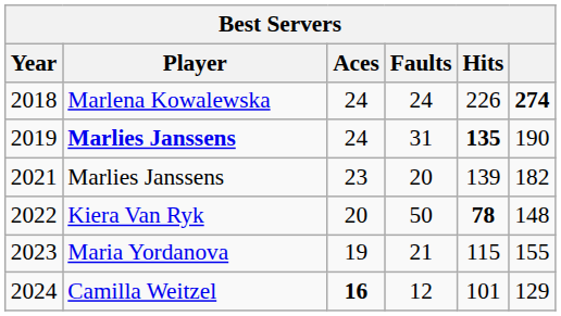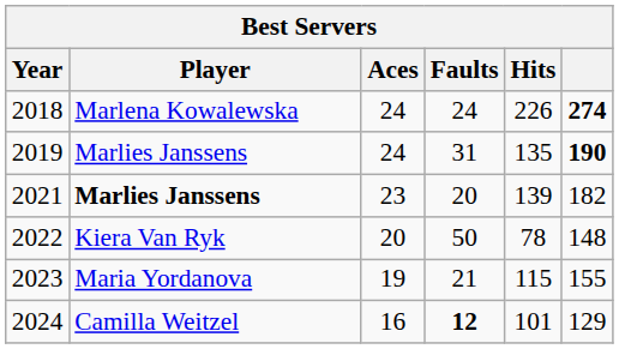 <table class="wikitable sortable" style=font-size:90%>
 <tr>
 <th colspan=7>Best Servers</th>
 </tr>
 <tr>
 <th width=20>Year</th>
 <th width=158>Player</th>
 <th width=20>Aces</th>
 <th width=20>Faults</th>
 <th width=20>Hits</th>
 <th width=20></th>
 </tr>
 <tr>
 <td>2018</td>
 <td> <a href='#'>Marlena Kowalewska</a></td>
 <td align=center>24</td>
 <td align=center>24</td>
 <td align=center>226</td>
 <td align=center><strong>274</strong></td>
 </tr>
 <tr>
 <td>2019</td>
-<td><strong> <a href='#'>Marlies Janssens</a></strong></td>
+<td> <a href='#'>Marlies Janssens</a></td>
 <td align=center>24</td>
 <td align=center>31</td>
-<td align=center><strong>135</strong></td>
-<td align=center>190</td>
+<td align=center>135</td>
+<td align=center><strong>190</strong></td>
 </tr>
 <tr>
 <td>2021</td>
-<td> Marlies Janssens</td>
+<td><strong> Marlies Janssens</strong></td>
 <td align=center>23</td>
 <td align=center>20</td>
 <td align=center>139</td>
 <td align=center>182</td>
 </tr>
 <tr>
 <td>2022</td>
 <td> <a href='#'>Kiera Van Ryk</a></td>
 <td align=center>20</td>
 <td align=center>50</td>
-<td align=center><strong>78</strong></td>
+<td align=center>78</td>
 <td align=center>148</td>
 </tr>
 <tr>
 <td>2023</td>
 <td> <a href='#'>Maria Yordanova</a></td>
 <td align=center>19</td>
 <td align=center>21</td>
 <td align=center>115</td>
 <td align=center>155</td>
 </tr>
 <tr>
 <td>2024</td>
 <td> <a href='#'>Camilla Weitzel</a></td>
-<td align=center><strong>16</strong></td>
-<td align=center>12</td>
+<td align=center>16</td>
+<td align=center><strong>12</strong></td>
 <td align=center>101</td>
 <td align=center>129</td>
 </tr>
 </table>
